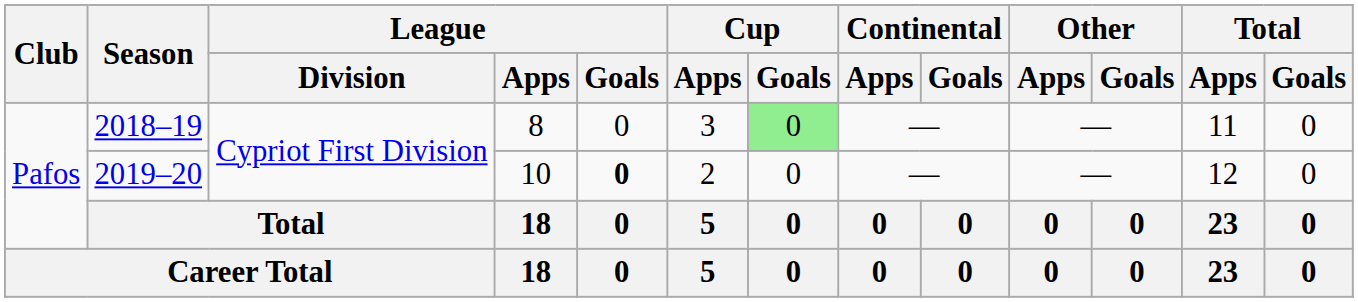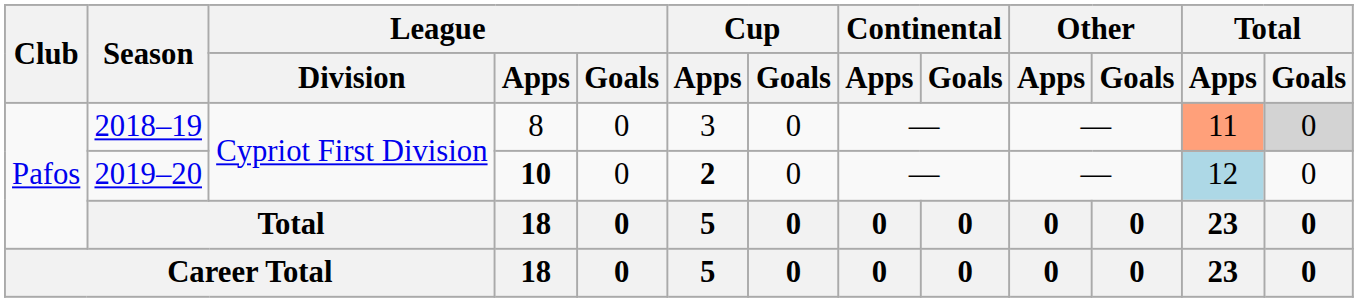 <table class=wikitable style="text-align: center;">
 <tr>
 <th rowspan=2>Club</th>
 <th rowspan=2>Season</th>
 <th colspan=3>League</th>
 <th colspan=2>Cup</th>
 <th colspan=2>Continental</th>
 <th colspan=2>Other</th>
 <th colspan=2>Total</th>
 </tr>
 <tr>
 <th>Division</th>
 <th>Apps</th>
 <th>Goals</th>
 <th>Apps</th>
 <th>Goals</th>
 <th>Apps</th>
 <th>Goals</th>
 <th>Apps</th>
 <th>Goals</th>
 <th>Apps</th>
 <th>Goals</th>
 </tr>
 <tr>
 <td rowspan=3><a href='#'>Pafos</a></td>
 <td><a href='#'>2018–19</a></td>
 <td rowspan=2><a href='#'>Cypriot First Division</a></td>
 <td>8</td>
 <td>0</td>
 <td>3</td>
-<td style="background: lightgreen;">0</td>
+<td>0</td>
 <td colspan=2>—</td>
 <td colspan=2>—</td>
-<td>11</td>
-<td>0</td>
+<td style="background: lightsalmon;">11</td>
+<td style="background: lightgrey;">0</td>
 </tr>
 <tr>
 <td><a href='#'>2019–20</a></td>
-<td>10</td>
-<td><strong>0</strong></td>
-<td>2</td>
+<td><strong>10</strong></td>
+<td>0</td>
+<td><strong>2</strong></td>
 <td>0</td>
 <td colspan=2>—</td>
 <td colspan=2>—</td>
-<td>12</td>
+<td style="background: lightblue;">12</td>
 <td>0</td>
 </tr>
 <tr>
 <th colspan="2">Total</th>
 <th>18</th>
 <th>0</th>
 <th>5</th>
 <th>0</th>
 <th>0</th>
 <th>0</th>
 <th>0</th>
 <th>0</th>
 <th>23</th>
 <th>0</th>
 </tr>
 <tr>
 <th colspan=3>Career Total</th>
 <th>18</th>
 <th>0</th>
 <th>5</th>
 <th>0</th>
 <th>0</th>
 <th>0</th>
 <th>0</th>
 <th>0</th>
 <th>23</th>
 <th>0</th>
 </tr>
 </table>
